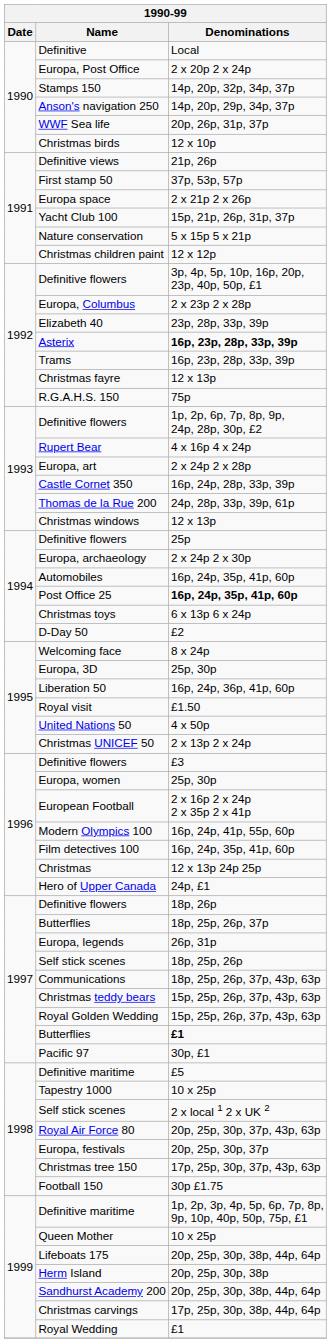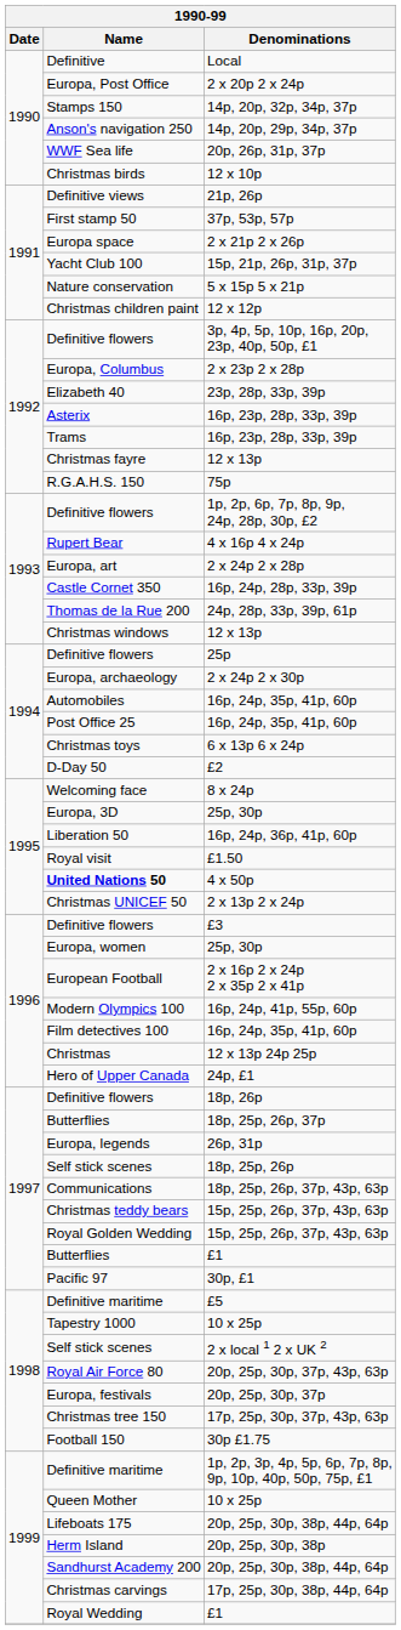 <table class="wikitable">
 <tr>
 <th colspan=3>1990-99</th>
 </tr>
 <tr>
 <th>Date</th>
 <th>Name</th>
 <th>Denominations</th>
 </tr>
 <tr>
 <td rowspan="6">1990</td>
 <td>Definitive</td>
 <td>Local</td>
 </tr>
 <tr>
 <td>Europa, Post Office</td>
 <td>2 x 20p 2 x 24p</td>
 </tr>
 <tr>
 <td>Stamps 150</td>
 <td>14p, 20p, 32p, 34p, 37p</td>
 </tr>
 <tr>
 <td><a href='#'>Anson's</a> navigation 250</td>
 <td>14p, 20p, 29p, 34p, 37p</td>
 </tr>
 <tr>
 <td><a href='#'>WWF</a> Sea life</td>
 <td>20p, 26p, 31p, 37p</td>
 </tr>
 <tr>
 <td>Christmas birds</td>
 <td>12 x 10p</td>
 </tr>
 <tr>
 <td rowspan="6">1991</td>
 <td>Definitive views</td>
 <td>21p, 26p</td>
 </tr>
 <tr>
 <td>First stamp 50</td>
 <td>37p, 53p, 57p</td>
 </tr>
 <tr>
 <td>Europa space</td>
 <td>2 x 21p 2 x 26p</td>
 </tr>
 <tr>
 <td>Yacht Club 100</td>
 <td>15p, 21p, 26p, 31p, 37p</td>
 </tr>
 <tr>
 <td>Nature conservation</td>
 <td>5 x 15p 5 x 21p</td>
 </tr>
 <tr>
 <td>Christmas children paint</td>
 <td>12 x 12p</td>
 </tr>
 <tr>
 <td rowspan="7">1992</td>
 <td>Definitive flowers</td>
 <td>3p, 4p, 5p, 10p, 16p, 20p,<br> 23p, 40p, 50p, £1</td>
 </tr>
 <tr>
 <td>Europa, <a href='#'>Columbus</a></td>
 <td>2 x 23p 2 x 28p</td>
 </tr>
 <tr>
 <td>Elizabeth 40</td>
 <td>23p, 28p, 33p, 39p</td>
 </tr>
 <tr>
 <td><a href='#'>Asterix</a></td>
-<td><strong>16p, 23p, 28p, 33p, 39p</strong></td>
+<td>16p, 23p, 28p, 33p, 39p</td>
 </tr>
 <tr>
 <td>Trams</td>
 <td>16p, 23p, 28p, 33p, 39p</td>
 </tr>
 <tr>
 <td>Christmas fayre</td>
 <td>12 x 13p</td>
 </tr>
 <tr>
 <td>R.G.A.H.S. 150</td>
 <td>75p</td>
 </tr>
 <tr>
 <td rowspan="6">1993</td>
 <td>Definitive flowers</td>
 <td>1p, 2p, 6p, 7p, 8p, 9p, <br>24p, 28p, 30p, £2</td>
 </tr>
 <tr>
 <td><a href='#'>Rupert Bear</a></td>
 <td>4 x 16p 4 x 24p</td>
 </tr>
 <tr>
 <td>Europa, art</td>
 <td>2 x 24p 2 x 28p</td>
 </tr>
 <tr>
 <td><a href='#'>Castle Cornet</a> 350</td>
 <td>16p, 24p, 28p, 33p, 39p</td>
 </tr>
 <tr>
 <td><a href='#'>Thomas de la Rue</a> 200</td>
 <td>24p, 28p, 33p, 39p, 61p</td>
 </tr>
 <tr>
 <td>Christmas windows</td>
 <td>12 x 13p</td>
 </tr>
 <tr>
 <td rowspan="6">1994</td>
 <td>Definitive flowers</td>
 <td>25p</td>
 </tr>
 <tr>
 <td>Europa, archaeology</td>
 <td>2 x 24p 2 x 30p</td>
 </tr>
 <tr>
 <td>Automobiles</td>
 <td>16p, 24p, 35p, 41p, 60p</td>
 </tr>
 <tr>
 <td>Post Office 25</td>
-<td><strong>16p, 24p, 35p, 41p, 60p</strong></td>
+<td>16p, 24p, 35p, 41p, 60p</td>
 </tr>
 <tr>
 <td>Christmas toys</td>
 <td>6 x 13p 6 x 24p</td>
 </tr>
 <tr>
 <td>D-Day 50</td>
 <td>£2</td>
 </tr>
 <tr>
 <td rowspan="6">1995</td>
 <td>Welcoming face</td>
 <td>8 x 24p</td>
 </tr>
 <tr>
 <td>Europa, 3D</td>
 <td>25p, 30p</td>
 </tr>
 <tr>
 <td>Liberation 50</td>
 <td>16p, 24p, 36p, 41p, 60p</td>
 </tr>
 <tr>
 <td>Royal visit</td>
 <td>£1.50</td>
 </tr>
 <tr>
-<td><a href='#'>United Nations</a> 50</td>
+<td><strong><a href='#'>United Nations</a> 50</strong></td>
 <td>4 x 50p</td>
 </tr>
 <tr>
 <td>Christmas <a href='#'>UNICEF</a> 50</td>
 <td>2 x 13p 2 x 24p</td>
 </tr>
 <tr>
 <td rowspan="7">1996</td>
 <td>Definitive flowers</td>
 <td>£3</td>
 </tr>
 <tr>
 <td>Europa, women</td>
 <td>25p, 30p</td>
 </tr>
 <tr>
 <td>European Football</td>
 <td>2 x 16p 2 x 24p <br>2 x 35p 2 x 41p</td>
 </tr>
 <tr>
 <td>Modern <a href='#'>Olympics</a> 100</td>
 <td>16p, 24p, 41p, 55p, 60p</td>
 </tr>
 <tr>
 <td>Film detectives 100</td>
 <td>16p, 24p, 35p, 41p, 60p</td>
 </tr>
 <tr>
 <td>Christmas</td>
 <td>12 x 13p 24p 25p</td>
 </tr>
 <tr>
 <td>Hero of <a href='#'>Upper Canada</a></td>
 <td>24p, £1</td>
 </tr>
 <tr>
 <td rowspan="9">1997</td>
 <td>Definitive flowers</td>
 <td>18p, 26p</td>
 </tr>
 <tr>
 <td>Butterflies</td>
 <td>18p, 25p, 26p, 37p</td>
 </tr>
 <tr>
 <td>Europa, legends</td>
 <td>26p, 31p</td>
 </tr>
 <tr>
 <td>Self stick scenes</td>
 <td>18p, 25p, 26p</td>
 </tr>
 <tr>
 <td>Communications</td>
 <td>18p, 25p, 26p, 37p, 43p, 63p</td>
 </tr>
 <tr>
 <td>Christmas <a href='#'>teddy bears</a></td>
 <td>15p, 25p, 26p, 37p, 43p, 63p</td>
 </tr>
 <tr>
 <td>Royal Golden Wedding</td>
 <td>15p, 25p, 26p, 37p, 43p, 63p</td>
 </tr>
 <tr>
 <td>Butterflies</td>
-<td><strong>£1</strong></td>
+<td>£1</td>
 </tr>
 <tr>
 <td>Pacific 97</td>
 <td>30p,  £1</td>
 </tr>
 <tr>
 <td rowspan="7">1998</td>
 <td>Definitive maritime</td>
 <td>£5</td>
 </tr>
 <tr>
 <td>Tapestry 1000</td>
 <td>10 x 25p</td>
 </tr>
 <tr>
 <td>Self stick scenes</td>
 <td>2 x local <sup>1</sup> 2 x UK <sup>2</sup></td>
 </tr>
 <tr>
 <td><a href='#'>Royal Air Force</a> 80</td>
 <td>20p, 25p, 30p, 37p, 43p, 63p</td>
 </tr>
 <tr>
 <td>Europa, festivals</td>
 <td>20p, 25p, 30p, 37p</td>
 </tr>
 <tr>
 <td>Christmas tree 150</td>
 <td>17p, 25p, 30p, 37p, 43p, 63p</td>
 </tr>
 <tr>
 <td>Football 150</td>
 <td>30p £1.75</td>
 </tr>
 <tr>
 <td rowspan="7">1999</td>
 <td>Definitive maritime</td>
 <td>1p, 2p, 3p, 4p, 5p, 6p, 7p, 8p, <br>9p, 10p, 40p, 50p, 75p, £1</td>
 </tr>
 <tr>
 <td>Queen Mother</td>
 <td>10 x 25p</td>
 </tr>
 <tr>
 <td>Lifeboats 175</td>
 <td>20p, 25p, 30p, 38p, 44p, 64p</td>
 </tr>
 <tr>
 <td><a href='#'>Herm</a> Island</td>
 <td>20p, 25p, 30p, 38p</td>
 </tr>
 <tr>
 <td><a href='#'>Sandhurst Academy</a> 200</td>
 <td>20p, 25p, 30p, 38p, 44p, 64p</td>
 </tr>
 <tr>
 <td>Christmas carvings</td>
 <td>17p, 25p, 30p, 38p, 44p, 64p</td>
 </tr>
 <tr>
 <td>Royal Wedding</td>
 <td>£1</td>
 </tr>
 <tr>
 </tr>
 </table>
